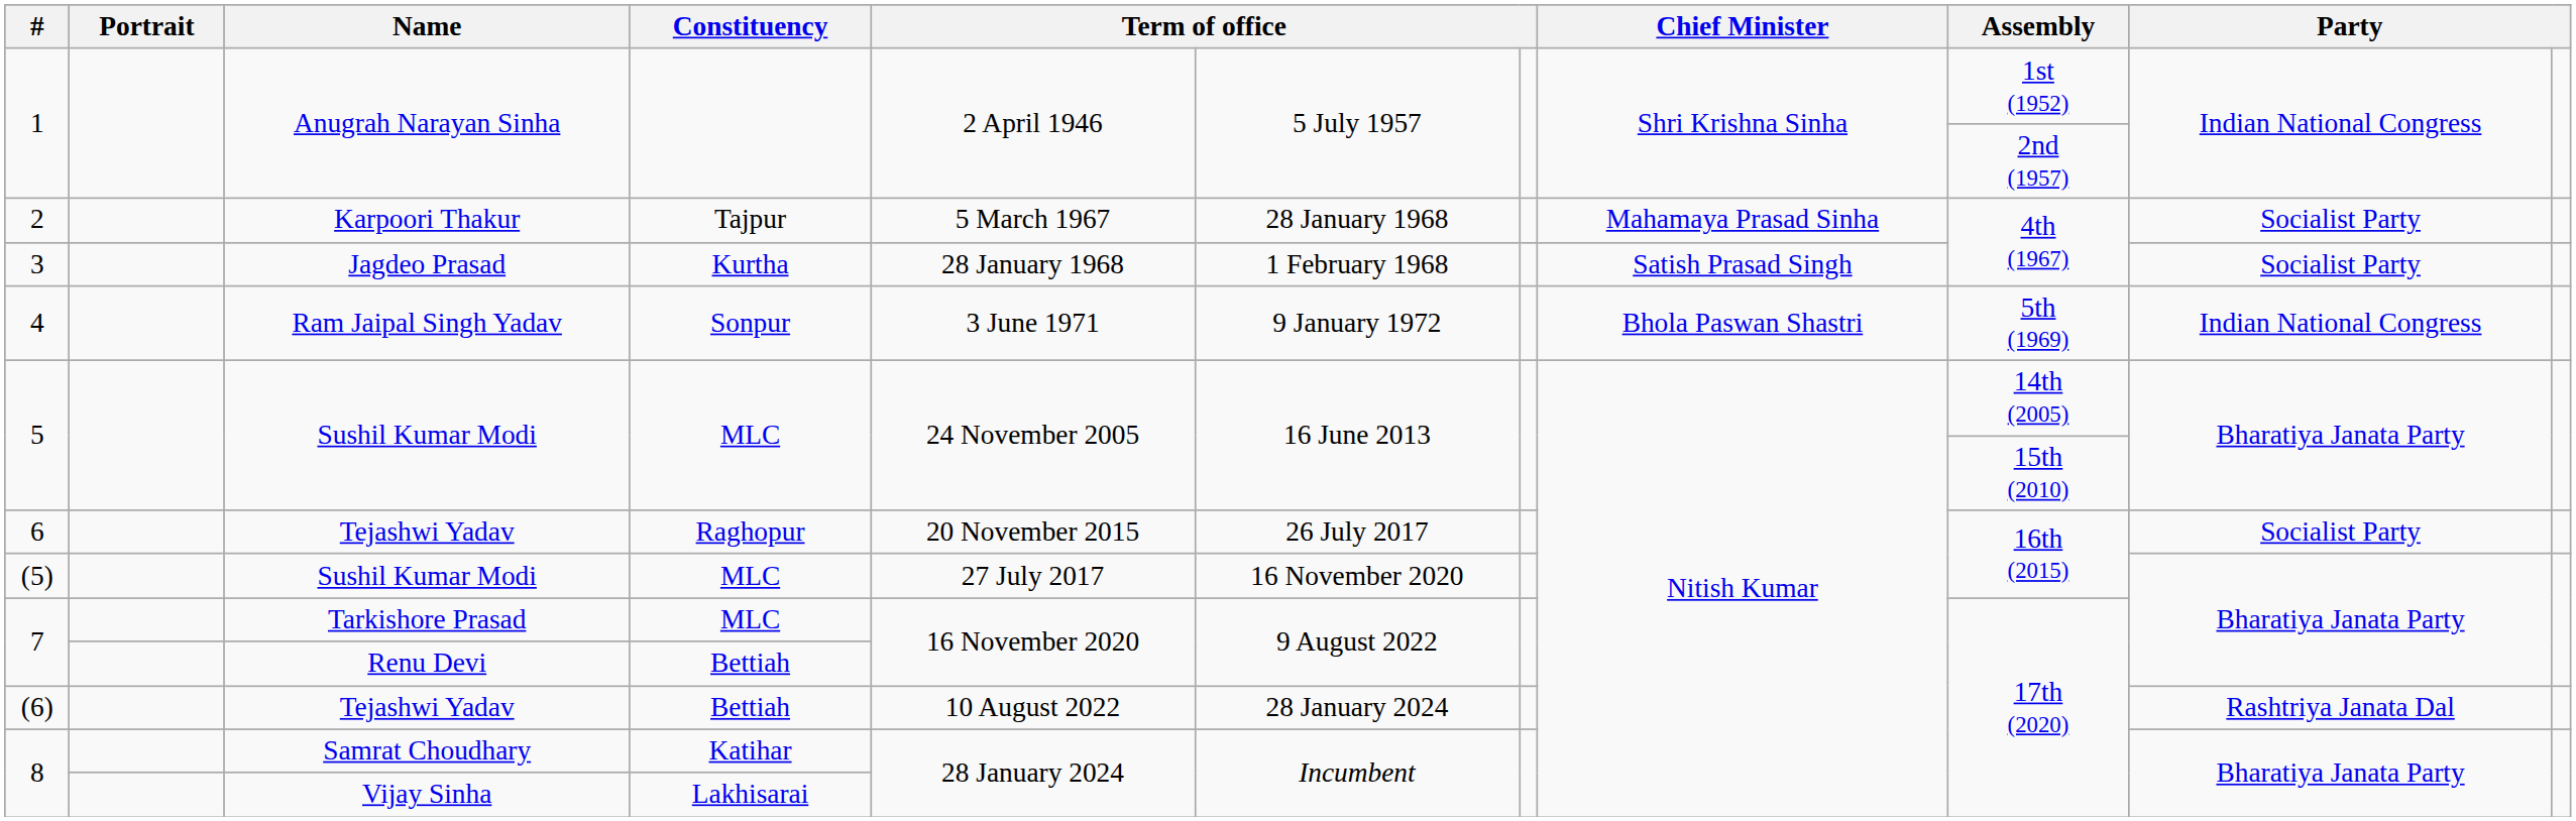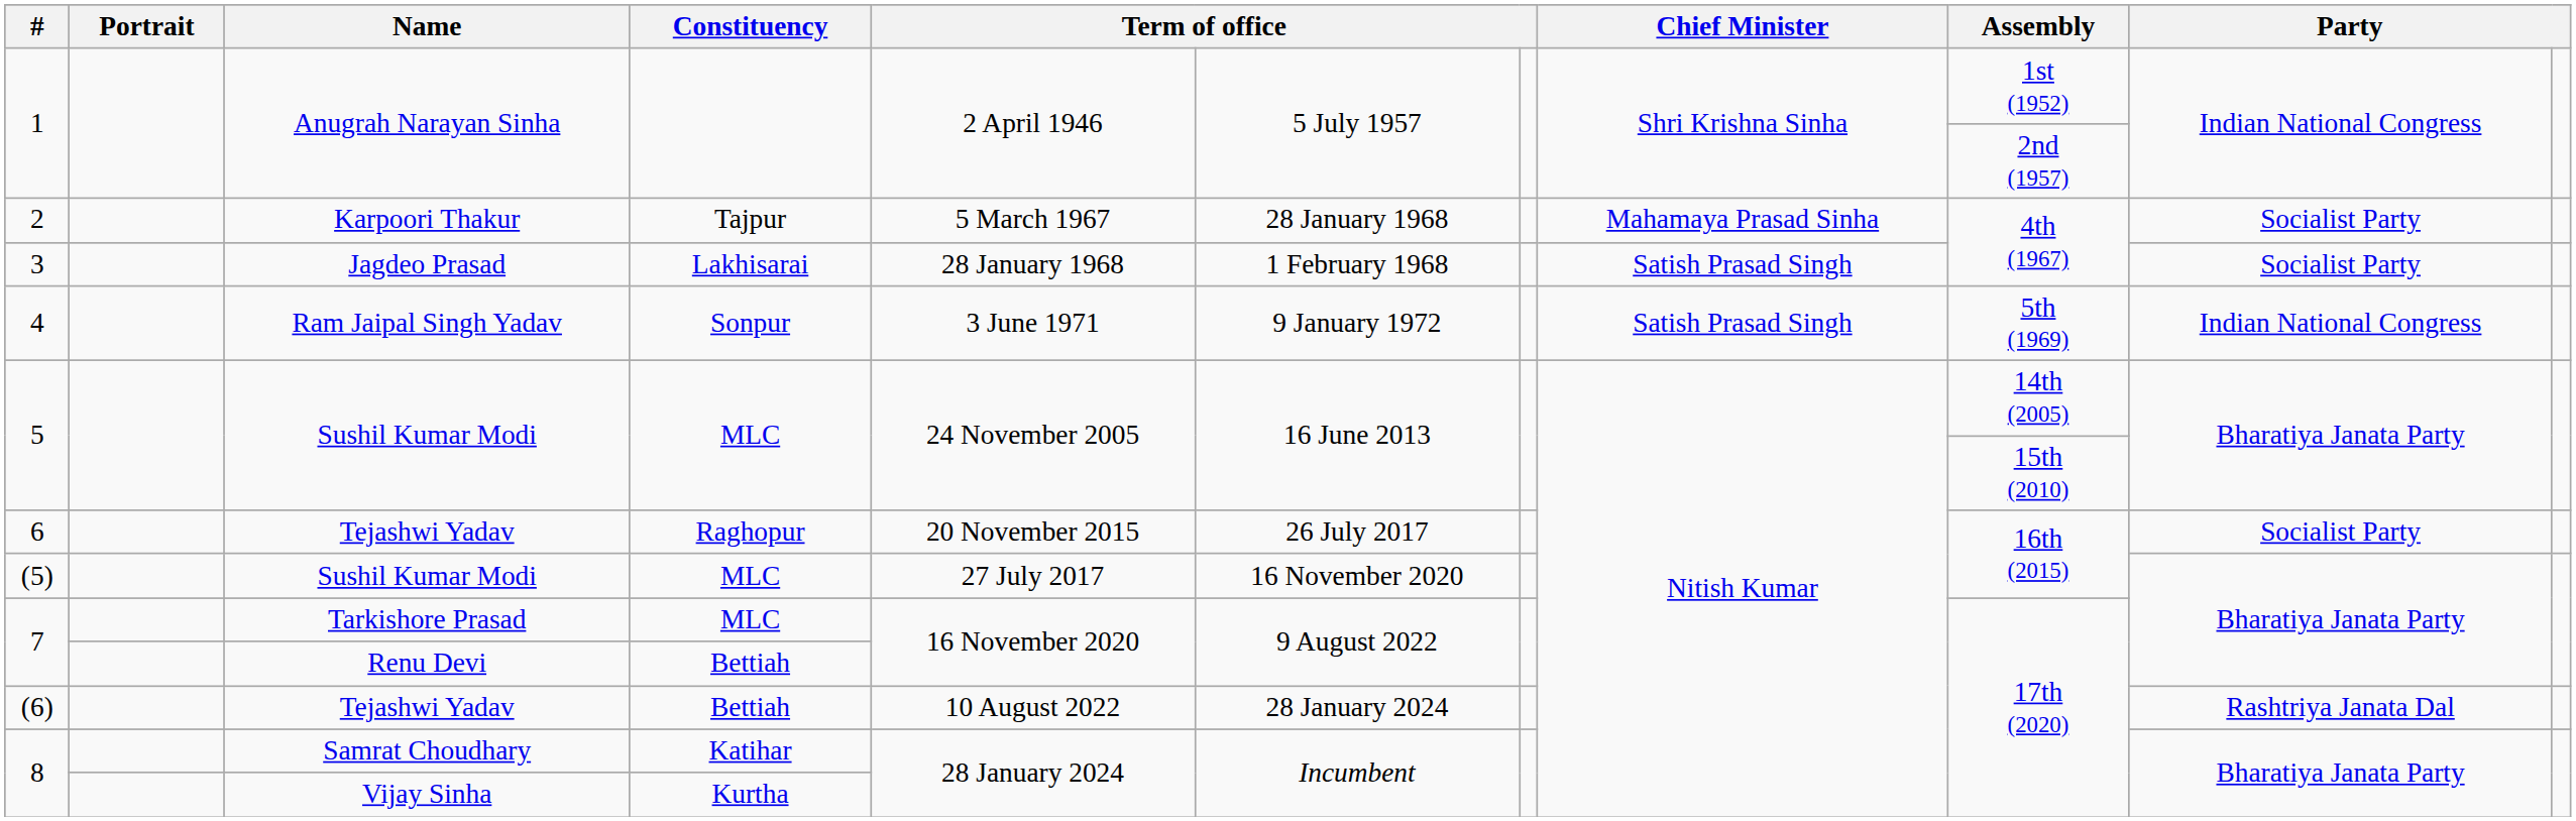 <table class="wikitable" style="width:75%; text-align:center">
 <tr>
 <th>#</th>
 <th>Portrait</th>
 <th>Name</th>
 <th><a href='#'>Constituency</a></th>
 <th colspan=3>Term of office</th>
 <th><a href='#'>Chief Minister</a></th>
 <th>Assembly<br></th>
 <th colspan="2">Party</th>
 </tr>
 <tr>
 <td rowspan="2">1</td>
 <td rowspan="2"></td>
 <td rowspan="2"><a href='#'>Anugrah Narayan Sinha</a></td>
 <td rowspan="2"></td>
 <td rowspan="2">2 April 1946</td>
 <td rowspan="2">5 July 1957</td>
 <td rowspan="2"></td>
 <td rowspan="2"><a href='#'>Shri Krishna Sinha</a></td>
 <td><a href='#'>1st</a><br><a href='#'><small>(1952)</small></a></td>
 <td rowspan="2"><a href='#'>Indian National Congress</a></td>
 <td rowspan="2" style="background-color: "></td>
 </tr>
 <tr>
 <td><a href='#'>2nd</a><br><a href='#'><small>(1957)</small></a></td>
 </tr>
 <tr>
 <td>2</td>
 <td></td>
 <td><a href='#'>Karpoori Thakur</a></td>
 <td>Tajpur</td>
 <td>5 March 1967</td>
 <td>28 January 1968</td>
 <td></td>
 <td><a href='#'>Mahamaya Prasad Sinha</a></td>
 <td rowspan="2"><a href='#'>4th</a><br><a href='#'><small>(1967)</small></a></td>
 <td><a href='#'>Socialist Party</a></td>
 <td style="background-color: "></td>
 </tr>
 <tr>
 <td>3</td>
 <td></td>
 <td><a href='#'>Jagdeo Prasad</a></td>
-<td><a href='#'>Kurtha</a></td>
+<td><a href='#'>Lakhisarai</a></td>
 <td>28 January 1968</td>
 <td>1 February 1968</td>
 <td></td>
 <td><a href='#'>Satish Prasad Singh</a></td>
 <td><a href='#'>Socialist Party</a></td>
 <td style="background-color: "></td>
 </tr>
 <tr>
 <td>4</td>
 <td></td>
 <td><a href='#'>Ram Jaipal Singh Yadav</a></td>
 <td><a href='#'>Sonpur</a></td>
 <td>3 June 1971</td>
 <td>9 January 1972</td>
 <td></td>
-<td><a href='#'>Bhola Paswan Shastri</a></td>
+<td><a href='#'>Satish Prasad Singh</a></td>
 <td><a href='#'>5th</a><br><a href='#'><small>(1969)</small></a></td>
 <td><a href='#'>Indian National Congress</a></td>
 <td style="background-color: "></td>
 </tr>
 <tr>
 <td rowspan="2">5</td>
 <td rowspan="2"></td>
 <td rowspan="2"><a href='#'>Sushil Kumar Modi</a></td>
 <td rowspan="2"><a href='#'>MLC</a></td>
 <td rowspan="2">24 November 2005</td>
 <td rowspan="2">16 June 2013</td>
 <td rowspan="2"></td>
 <td rowspan="9"><a href='#'>Nitish Kumar</a></td>
 <td><a href='#'>14th</a><br><a href='#'><small>(2005)</small></a></td>
 <td rowspan="2"><a href='#'>Bharatiya Janata Party</a></td>
 <td rowspan="2" style="background-color: "></td>
 </tr>
 <tr>
 <td><a href='#'>15th</a><br><a href='#'><small>(2010)</small></a></td>
 </tr>
 <tr>
 <td>6</td>
 <td></td>
 <td><a href='#'>Tejashwi Yadav</a></td>
 <td><a href='#'>Raghopur</a></td>
 <td>20 November 2015</td>
 <td>26 July 2017</td>
 <td></td>
 <td rowspan="2"><a href='#'>16th</a><br><a href='#'><small>(2015)</small></a></td>
 <td><a href='#'>Socialist Party</a></td>
 <td style="background-color: "></td>
 </tr>
 <tr>
 <td>(5)</td>
 <td></td>
 <td><a href='#'>Sushil Kumar Modi</a></td>
 <td><a href='#'>MLC</a></td>
 <td>27 July 2017</td>
 <td>16 November 2020</td>
 <td></td>
 <td rowspan=3><a href='#'>Bharatiya Janata Party</a></td>
 <td rowspan=3 style="background-color: "></td>
 </tr>
 <tr>
 <td rowspan="2">7</td>
 <td></td>
 <td><a href='#'>Tarkishore Prasad</a></td>
 <td><a href='#'>MLC</a></td>
 <td rowspan="2">16 November 2020</td>
 <td rowspan="2">9 August 2022</td>
 <td rowspan="2"></td>
 <td rowspan="5"><a href='#'>17th</a><br><a href='#'><small>(2020)</small></a></td>
 </tr>
 <tr>
 <td></td>
 <td><a href='#'>Renu Devi</a></td>
 <td><a href='#'>Bettiah</a></td>
 </tr>
 <tr>
 <td>(6)</td>
 <td></td>
 <td><a href='#'>Tejashwi Yadav</a></td>
 <td><a href='#'>Bettiah</a></td>
 <td>10 August 2022</td>
 <td>28 January 2024</td>
 <td></td>
 <td><a href='#'>Rashtriya Janata Dal</a></td>
 <td style="background-color: "></td>
 </tr>
 <tr>
 <td rowspan="2">8</td>
 <td></td>
 <td><a href='#'>Samrat Choudhary</a></td>
 <td><a href='#'>Katihar</a></td>
 <td rowspan="2">28 January 2024</td>
 <td rowspan="2"><em>Incumbent</em></td>
 <td rowspan="2"></td>
 <td rowspan="2"><a href='#'>Bharatiya Janata Party</a></td>
 <td rowspan="2" style="background-color: "></td>
 </tr>
 <tr>
 <td></td>
 <td><a href='#'>Vijay Sinha</a></td>
-<td><a href='#'>Lakhisarai</a></td>
+<td><a href='#'>Kurtha</a></td>
 </tr>
 </table>
